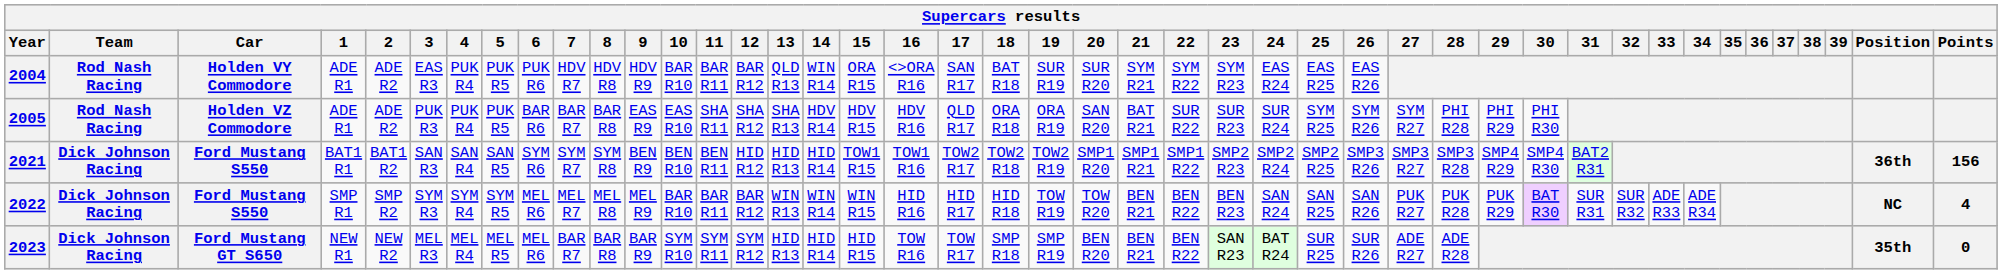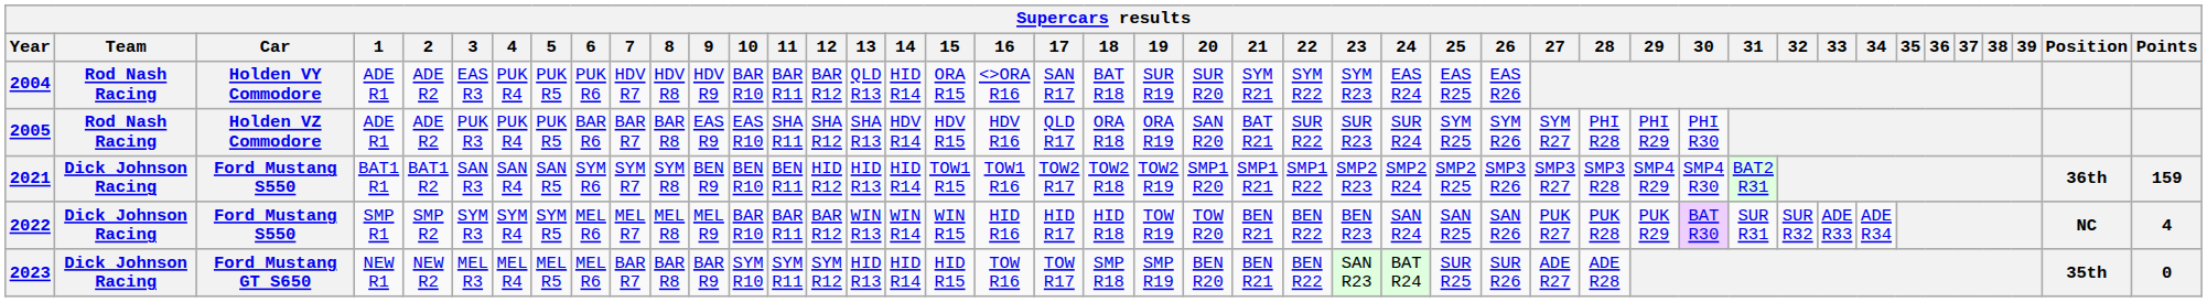 <table class="wikitable" style="text-align:center; font-size:75%">
 <tr>
 <th colspan=45><a href='#'>Supercars</a> results</th>
 </tr>
 <tr>
 <th>Year</th>
 <th>Team</th>
 <th>Car</th>
 <th>1</th>
 <th>2</th>
 <th>3</th>
 <th>4</th>
 <th>5</th>
 <th>6</th>
 <th>7</th>
 <th>8</th>
 <th>9</th>
 <th>10</th>
 <th>11</th>
 <th>12</th>
 <th>13</th>
 <th>14</th>
 <th>15</th>
 <th>16</th>
 <th>17</th>
 <th>18</th>
 <th>19</th>
 <th>20</th>
 <th>21</th>
 <th>22</th>
 <th>23</th>
 <th>24</th>
 <th>25</th>
 <th>26</th>
 <th>27</th>
 <th>28</th>
 <th>29</th>
 <th>30</th>
 <th>31</th>
 <th>32</th>
 <th>33</th>
 <th>34</th>
 <th>35</th>
 <th>36</th>
 <th>37</th>
 <th>38</th>
 <th>39</th>
 <th>Position</th>
 <th>Points</th>
 </tr>
 <tr>
 <th><a href='#'>2004</a></th>
 <th><a href='#'>Rod Nash Racing</a></th>
 <th><a href='#'>Holden VY Commodore</a></th>
 <td><a href='#'>ADE<br>R1</a></td>
 <td><a href='#'>ADE<br>R2</a></td>
 <td><a href='#'>EAS<br>R3</a></td>
 <td><a href='#'>PUK<br>R4</a></td>
 <td><a href='#'>PUK<br>R5</a></td>
 <td><a href='#'>PUK<br>R6</a></td>
 <td><a href='#'>HDV<br>R7</a></td>
 <td><a href='#'>HDV<br>R8</a></td>
 <td><a href='#'>HDV<br>R9</a></td>
 <td><a href='#'>BAR<br>R10</a></td>
 <td><a href='#'>BAR<br>R11</a></td>
 <td><a href='#'>BAR<br>R12</a></td>
 <td><a href='#'>QLD<br>R13</a></td>
-<td><a href='#'>WIN<br>R14</a></td>
+<td><a href='#'>HID<br>R14</a></td>
 <td><a href='#'>ORA<br>R15</a></td>
 <td><a href='#'><>ORA<br>R16</a></td>
 <td><a href='#'>SAN<br>R17</a></td>
 <td><a href='#'>BAT<br>R18</a></td>
 <td><a href='#'>SUR<br>R19</a></td>
 <td><a href='#'>SUR<br>R20</a></td>
 <td><a href='#'>SYM<br>R21</a></td>
 <td><a href='#'>SYM<br>R22</a></td>
 <td><a href='#'>SYM<br>R23</a></td>
 <td><a href='#'>EAS<br>R24</a></td>
 <td><a href='#'>EAS<br>R25</a></td>
 <td><a href='#'>EAS<br>R26</a></td>
 <th colspan=13></th>
 <th></th>
 <th></th>
 </tr>
 <tr>
 <th><a href='#'>2005</a></th>
 <th><a href='#'>Rod Nash Racing</a></th>
 <th><a href='#'>Holden VZ Commodore</a></th>
 <td><a href='#'>ADE<br>R1</a></td>
 <td><a href='#'>ADE<br>R2</a></td>
 <td><a href='#'>PUK<br>R3</a></td>
 <td><a href='#'>PUK<br>R4</a></td>
 <td><a href='#'>PUK<br>R5</a></td>
 <td><a href='#'>BAR<br>R6</a></td>
 <td><a href='#'>BAR<br>R7</a></td>
 <td><a href='#'>BAR<br>R8</a></td>
 <td><a href='#'>EAS<br>R9</a></td>
 <td><a href='#'>EAS<br>R10</a></td>
 <td><a href='#'>SHA<br>R11</a></td>
 <td><a href='#'>SHA<br>R12</a></td>
 <td><a href='#'>SHA<br>R13</a></td>
 <td><a href='#'>HDV<br>R14</a></td>
 <td><a href='#'>HDV<br>R15</a></td>
 <td><a href='#'>HDV<br>R16</a></td>
 <td><a href='#'>QLD<br>R17</a></td>
 <td><a href='#'>ORA<br>R18</a></td>
 <td><a href='#'>ORA<br>R19</a></td>
 <td><a href='#'>SAN<br>R20</a></td>
 <td><a href='#'>BAT<br>R21</a></td>
 <td><a href='#'>SUR<br>R22</a></td>
 <td><a href='#'>SUR<br>R23</a></td>
 <td><a href='#'>SUR<br>R24</a></td>
 <td><a href='#'>SYM<br>R25</a></td>
 <td><a href='#'>SYM<br>R26</a></td>
 <td><a href='#'>SYM<br>R27</a></td>
 <td><a href='#'>PHI<br>R28</a></td>
 <td><a href='#'>PHI<br>R29</a></td>
 <td><a href='#'>PHI<br>R30</a></td>
 <th colspan=9></th>
 <th></th>
 <th></th>
 </tr>
 <tr>
 <th><a href='#'>2021</a></th>
 <th><a href='#'>Dick Johnson Racing</a></th>
 <th><a href='#'>Ford Mustang S550</a></th>
 <td style="background: #"><a href='#'>BAT1<br>R1</a></td>
 <td><a href='#'>BAT1<br>R2</a></td>
 <td><a href='#'>SAN<br>R3</a></td>
 <td><a href='#'>SAN<br>R4</a></td>
 <td><a href='#'>SAN<br>R5</a></td>
 <td><a href='#'>SYM<br>R6</a></td>
 <td><a href='#'>SYM<br>R7</a></td>
 <td><a href='#'>SYM<br>R8</a></td>
 <td><a href='#'>BEN<br>R9</a></td>
 <td><a href='#'>BEN<br>R10</a></td>
 <td><a href='#'>BEN<br>R11</a></td>
 <td><a href='#'>HID<br>R12</a></td>
 <td><a href='#'>HID<br>R13</a></td>
 <td><a href='#'>HID<br>R14</a></td>
 <td><a href='#'>TOW1<br>R15</a></td>
 <td><a href='#'>TOW1<br>R16</a></td>
 <td><a href='#'>TOW2<br>R17</a></td>
 <td><a href='#'>TOW2<br>R18</a></td>
 <td><a href='#'>TOW2<br>R19</a></td>
 <td><a href='#'>SMP1<br>R20</a></td>
 <td><a href='#'>SMP1<br>R21</a></td>
 <td><a href='#'>SMP1<br>R22</a></td>
 <td><a href='#'>SMP2<br>R23</a></td>
 <td><a href='#'>SMP2<br>R24</a></td>
 <td><a href='#'>SMP2<br>R25</a></td>
 <td><a href='#'>SMP3<br>R26</a></td>
 <td><a href='#'>SMP3<br>R27</a></td>
 <td><a href='#'>SMP3<br>R28</a></td>
 <td><a href='#'>SMP4<br>R29</a></td>
 <td><a href='#'>SMP4<br>R30</a></td>
 <td style="background: #dfffdf"><a href='#'>BAT2<br>R31</a><br></td>
 <th colspan=8></th>
 <th>36th</th>
-<th>156</th>
+<th>159</th>
 </tr>
 <tr>
 <th><a href='#'>2022</a></th>
 <th><a href='#'>Dick Johnson Racing</a></th>
 <th><a href='#'>Ford Mustang S550</a></th>
 <td><a href='#'>SMP<br>R1</a></td>
 <td><a href='#'>SMP<br>R2</a></td>
 <td><a href='#'>SYM<br>R3</a></td>
 <td><a href='#'>SYM<br>R4</a></td>
 <td><a href='#'>SYM<br>R5</a></td>
 <td><a href='#'>MEL<br>R6</a></td>
 <td><a href='#'>MEL<br>R7</a></td>
 <td><a href='#'>MEL<br>R8</a></td>
 <td><a href='#'>MEL<br>R9</a></td>
 <td><a href='#'>BAR<br>R10</a></td>
 <td><a href='#'>BAR<br>R11</a></td>
 <td><a href='#'>BAR<br>R12</a></td>
 <td><a href='#'>WIN<br>R13</a></td>
 <td><a href='#'>WIN<br>R14</a></td>
 <td><a href='#'>WIN<br>R15</a></td>
 <td><a href='#'>HID<br>R16</a></td>
 <td><a href='#'>HID<br>R17</a></td>
 <td><a href='#'>HID<br>R18</a></td>
 <td><a href='#'>TOW<br>R19</a></td>
 <td><a href='#'>TOW<br>R20</a></td>
 <td><a href='#'>BEN<br>R21</a></td>
 <td><a href='#'>BEN<br>R22</a></td>
 <td><a href='#'>BEN<br>R23</a></td>
 <td><a href='#'>SAN<br>R24</a></td>
 <td><a href='#'>SAN<br>R25</a></td>
 <td><a href='#'>SAN<br>R26</a></td>
 <td><a href='#'>PUK<br>R27</a></td>
 <td><a href='#'>PUK<br>R28</a></td>
 <td><a href='#'>PUK<br>R29</a></td>
 <td style="background: #efcfff"><a href='#'>BAT<br>R30</a><br></td>
 <td><a href='#'>SUR<br>R31</a></td>
 <td><a href='#'>SUR<br>R32</a></td>
 <td><a href='#'>ADE<br>R33</a></td>
 <td><a href='#'>ADE<br>R34</a></td>
 <th colspan=5></th>
 <th>NC</th>
 <th>4</th>
 </tr>
 <tr>
 <th><a href='#'>2023</a></th>
 <th><a href='#'>Dick Johnson Racing</a></th>
 <th><a href='#'>Ford Mustang GT S650</a></th>
 <td><a href='#'>NEW<br>R1</a></td>
 <td><a href='#'>NEW<br>R2</a></td>
 <td><a href='#'>MEL<br>R3</a></td>
 <td><a href='#'>MEL<br>R4</a></td>
 <td><a href='#'>MEL<br>R5</a></td>
 <td><a href='#'>MEL<br>R6</a></td>
 <td><a href='#'>BAR<br>R7</a></td>
 <td><a href='#'>BAR<br>R8</a></td>
 <td><a href='#'>BAR<br>R9</a></td>
 <td><a href='#'>SYM<br>R10</a></td>
 <td><a href='#'>SYM<br>R11</a></td>
 <td><a href='#'>SYM<br>R12</a></td>
 <td><a href='#'>HID<br>R13</a></td>
 <td><a href='#'>HID<br>R14</a></td>
 <td><a href='#'>HID<br>R15</a></td>
 <td><a href='#'>TOW<br>R16</a></td>
 <td><a href='#'>TOW<br>R17</a></td>
 <td><a href='#'>SMP<br>R18</a></td>
 <td><a href='#'>SMP<br>R19</a></td>
 <td><a href='#'>BEN<br>R20</a></td>
 <td><a href='#'>BEN<br>R21</a></td>
 <td><a href='#'>BEN<br>R22</a></td>
 <td style="background:#dfffdf">SAN<br>R23<br></td>
 <td style="background:#dfffdf">BAT<br>R24<br></td>
 <td><a href='#'>SUR<br>R25</a></td>
 <td><a href='#'>SUR<br>R26</a></td>
 <td><a href='#'>ADE<br>R27</a></td>
 <td><a href='#'>ADE<br>R28</a></td>
 <th colspan=11></th>
 <th>35th</th>
 <th>0</th>
 </tr>
 </table>
